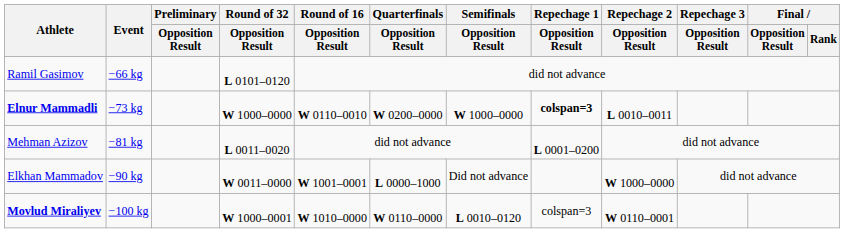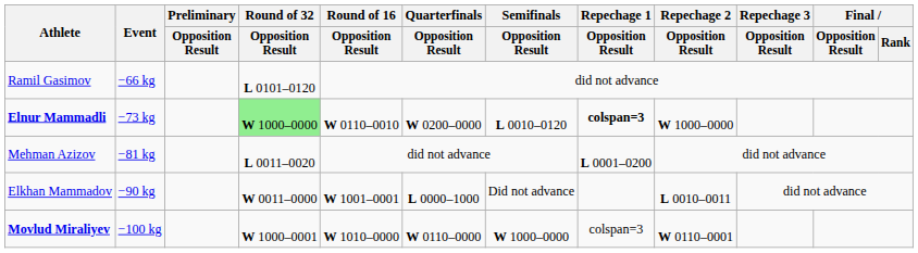 <table class="wikitable" style="font-size:90%">
 <tr>
 <th rowspan="2">Athlete</th>
 <th rowspan="2">Event</th>
 <th>Preliminary</th>
 <th>Round of 32</th>
 <th>Round of 16</th>
 <th>Quarterfinals</th>
 <th>Semifinals</th>
 <th>Repechage 1</th>
 <th>Repechage 2</th>
 <th>Repechage 3</th>
 <th colspan=2>Final / </th>
 </tr>
 <tr style="font-size:95%">
 <th>Opposition<br>Result</th>
 <th>Opposition<br>Result</th>
 <th>Opposition<br>Result</th>
 <th>Opposition<br>Result</th>
 <th>Opposition<br>Result</th>
 <th>Opposition<br>Result</th>
 <th>Opposition<br>Result</th>
 <th>Opposition<br>Result</th>
 <th>Opposition<br>Result</th>
 <th>Rank</th>
 </tr>
 <tr align=center>
 <td align=left><a href='#'>Ramil Gasimov</a></td>
 <td align=left><a href='#'>−66 kg</a></td>
 <td></td>
 <td><br><strong>L</strong> 0101–0120</td>
 <td colspan=8>did not advance</td>
 </tr>
 <tr align=center>
 <td align=left><strong><a href='#'>Elnur Mammadli</a></strong></td>
 <td align=left><a href='#'>−73 kg</a></td>
 <td></td>
-<td><br><strong>W</strong> 1000–0000</td>
+<td style="background: lightgreen;"><br><strong>W</strong> 1000–0000</td>
 <td><br><strong>W</strong> 0110–0010</td>
 <td><br><strong>W</strong> 0200–0000</td>
+<td><br><strong>L</strong> 0010–0120</td>
+<td><strong>colspan=3 </strong></td>
 <td><br><strong>W</strong> 1000–0000</td>
-<td><strong>colspan=3 </strong></td>
-<td><br><strong>L</strong> 0010–0011</td>
 <td></td>
 </tr>
 <tr align=center>
 <td align=left><a href='#'>Mehman Azizov</a></td>
 <td align=left><a href='#'>−81 kg</a></td>
 <td></td>
 <td><br><strong>L</strong> 0011–0020</td>
 <td colspan=3>did not advance</td>
 <td><br><strong>L</strong> 0001–0200</td>
 <td colspan=4>did not advance</td>
 </tr>
 <tr align=center>
 <td align=left><a href='#'>Elkhan Mammadov</a></td>
 <td align=left><a href='#'>−90 kg</a></td>
 <td></td>
 <td><br><strong>W</strong> 0011–0000</td>
 <td><br><strong>W</strong> 1001–0001</td>
 <td><br><strong>L</strong> 0000–1000</td>
 <td>Did not advance</td>
 <td></td>
-<td><br><strong>W</strong> 1000–0000</td>
+<td><br><strong>L</strong> 0010–0011</td>
 <td colspan=3>did not advance</td>
 </tr>
 <tr align=center>
 <td align=left><strong><a href='#'>Movlud Miraliyev</a></strong></td>
 <td align=left><a href='#'>−100 kg</a></td>
 <td></td>
 <td><br><strong>W</strong> 1000–0001</td>
 <td><br><strong>W</strong> 1010–0000</td>
 <td><br><strong>W</strong> 0110–0000</td>
-<td><br><strong>L</strong> 0010–0120</td>
+<td><br><strong>W</strong> 1000–0000</td>
 <td>colspan=3 </td>
 <td><br><strong>W</strong> 0110–0001</td>
 <td></td>
 </tr>
 </table>
